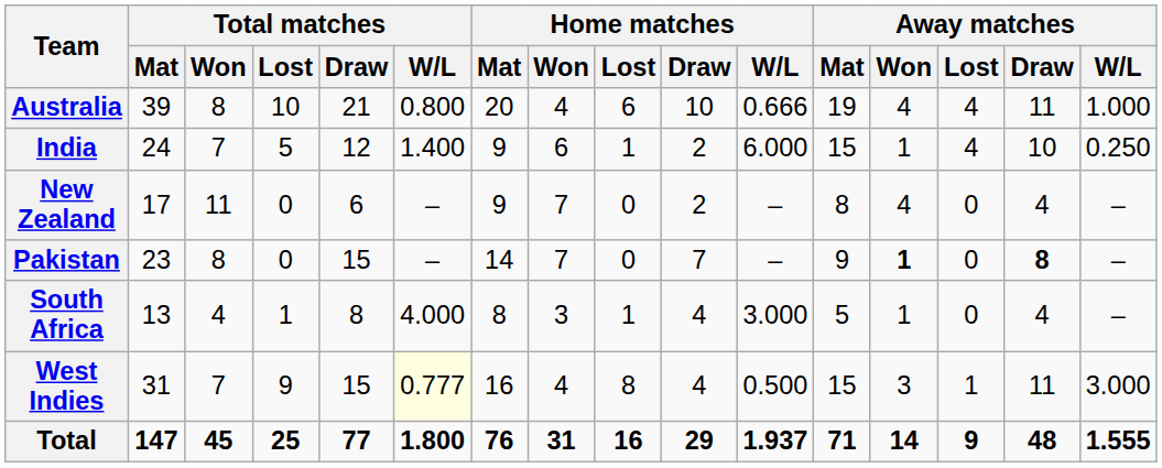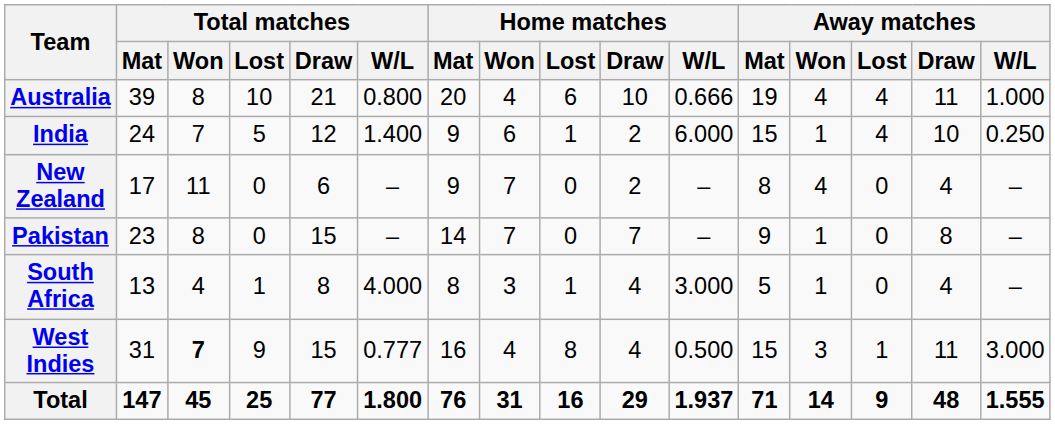 <table class="wikitable plainrowheaders sortable" style="text-align:center">
 <tr>
 <th rowspan=2 scope=col>Team</th>
 <th colspan=5 class=unsortable>Total matches</th>
 <th colspan=5 class=unsortable>Home matches</th>
 <th colspan=5 class=unsortable>Away matches</th>
 </tr>
 <tr>
 <th scope=col data-sort-type=number>Mat</th>
 <th scope=col data-sort-type=number>Won</th>
 <th scope=col data-sort-type=number>Lost</th>
 <th scope=col data-sort-type=number>Draw</th>
 <th scope=col data-sort-type=number>W/L</th>
 <th scope=col data-sort-type=number>Mat</th>
 <th scope=col data-sort-type=number>Won</th>
 <th scope=col data-sort-type=number>Lost</th>
 <th scope=col data-sort-type=number>Draw</th>
 <th scope=col data-sort-type=number>W/L</th>
 <th scope=col data-sort-type=number>Mat</th>
 <th scope=col data-sort-type=number>Won</th>
 <th scope=col data-sort-type=number>Lost</th>
 <th scope=col data-sort-type=number>Draw</th>
 <th scope=col data-sort-type=number>W/L</th>
 </tr>
 <tr>
 <th scope=row><a href='#'>Australia</a></th>
 <td>39</td>
 <td>8</td>
 <td>10</td>
 <td>21</td>
 <td>0.800</td>
 <td>20</td>
 <td>4</td>
 <td>6</td>
 <td>10</td>
 <td>0.666</td>
 <td>19</td>
 <td>4</td>
 <td>4</td>
 <td>11</td>
 <td>1.000</td>
 </tr>
 <tr>
 <th scope=row><a href='#'>India</a></th>
 <td>24</td>
 <td>7</td>
 <td>5</td>
 <td>12</td>
 <td>1.400</td>
 <td>9</td>
 <td>6</td>
 <td>1</td>
 <td>2</td>
 <td>6.000</td>
 <td>15</td>
 <td>1</td>
 <td>4</td>
 <td>10</td>
 <td>0.250</td>
 </tr>
 <tr>
 <th scope=row><a href='#'>New Zealand</a></th>
 <td>17</td>
 <td>11</td>
 <td>0</td>
 <td>6</td>
 <td>–</td>
 <td>9</td>
 <td>7</td>
 <td>0</td>
 <td>2</td>
 <td>–</td>
 <td>8</td>
 <td>4</td>
 <td>0</td>
 <td>4</td>
 <td>–</td>
 </tr>
 <tr>
 <th scope=row><a href='#'>Pakistan</a></th>
 <td>23</td>
 <td>8</td>
 <td>0</td>
 <td>15</td>
 <td>–</td>
 <td>14</td>
 <td>7</td>
 <td>0</td>
 <td>7</td>
 <td>–</td>
 <td>9</td>
-<td><strong>1</strong></td>
+<td>1</td>
 <td>0</td>
-<td><strong>8</strong></td>
+<td>8</td>
 <td>–</td>
 </tr>
 <tr>
 <th scope=row><a href='#'>South Africa</a></th>
 <td>13</td>
 <td>4</td>
 <td>1</td>
 <td>8</td>
 <td>4.000</td>
 <td>8</td>
 <td>3</td>
 <td>1</td>
 <td>4</td>
 <td>3.000</td>
 <td>5</td>
 <td>1</td>
 <td>0</td>
 <td>4</td>
 <td>–</td>
 </tr>
 <tr>
 <th scope=row><a href='#'>West Indies</a></th>
 <td>31</td>
-<td>7</td>
+<td><strong>7</strong></td>
 <td>9</td>
 <td>15</td>
-<td style="background: lightyellow;">0.777</td>
+<td>0.777</td>
 <td>16</td>
 <td>4</td>
 <td>8</td>
 <td>4</td>
 <td>0.500</td>
 <td>15</td>
 <td>3</td>
 <td>1</td>
 <td>11</td>
 <td>3.000</td>
 </tr>
 <tr class=sortbottom>
 <th scope=row><strong>Total</strong></th>
 <td><strong>147</strong></td>
 <td><strong>45</strong></td>
 <td><strong>25</strong></td>
 <td><strong>77</strong></td>
 <td><strong>1.800</strong></td>
 <td><strong>76</strong></td>
 <td><strong>31</strong></td>
 <td><strong>16</strong></td>
 <td><strong>29</strong></td>
 <td><strong>1.937</strong></td>
 <td><strong>71</strong></td>
 <td><strong>14</strong></td>
 <td><strong>9</strong></td>
 <td><strong>48</strong></td>
 <td><strong>1.555</strong></td>
 </tr>
 </table>
